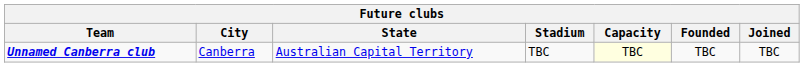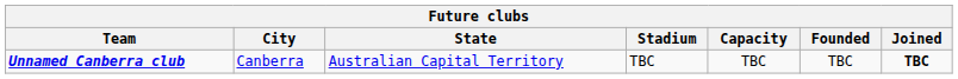 <table class="wikitable" style="width:100%; text-align:left">
 <tr>
 <th colspan="9">Future clubs</th>
 </tr>
 <tr>
 <th>Team</th>
 <th>City</th>
 <th>State</th>
 <th>Stadium</th>
 <th>Capacity</th>
 <th>Founded</th>
 <th>Joined</th>
 </tr>
 <tr>
 <td><strong><em><a href='#'>Unnamed Canberra club</a></em></strong></td>
 <td><a href='#'>Canberra</a></td>
 <td><a href='#'>Australian Capital Territory</a></td>
 <td>TBC</td>
-<td style="background: lightyellow; text-align:center;">TBC</td>
 <td style="text-align:center;">TBC</td>
 <td style="text-align:center;">TBC</td>
+<td style="text-align:center;"><strong>TBC</strong></td>
 </tr>
 </table>
